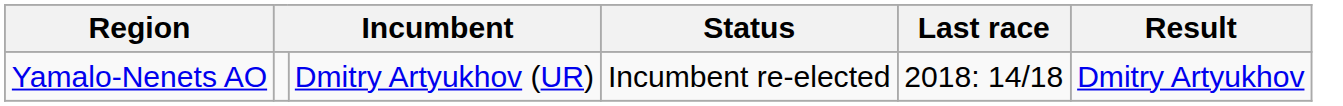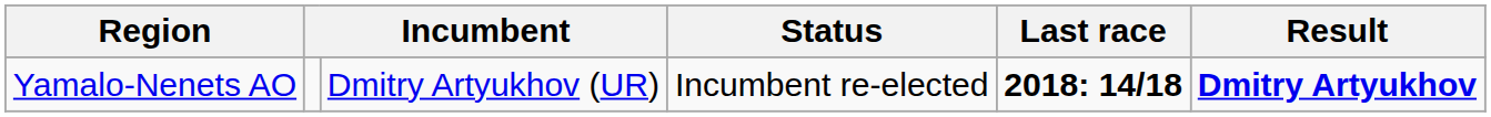 <table class="wikitable">
 <tr>
 <th>Region</th>
 <th colspan=2>Incumbent</th>
 <th>Status</th>
 <th>Last race</th>
 <th>Result</th>
 </tr>
 <tr>
 <td><a href='#'>Yamalo-Nenets AO</a></td>
 <td style="background-color:"></td>
 <td><a href='#'>Dmitry Artyukhov</a> (<a href='#'>UR</a>)</td>
 <td>Incumbent re-elected</td>
-<td>2018: 14/18</td>
-<td><a href='#'>Dmitry Artyukhov</a></td>
+<td><strong>2018: 14/18</strong></td>
+<td><strong><a href='#'>Dmitry Artyukhov</a></strong></td>
 </tr>
 </table>
